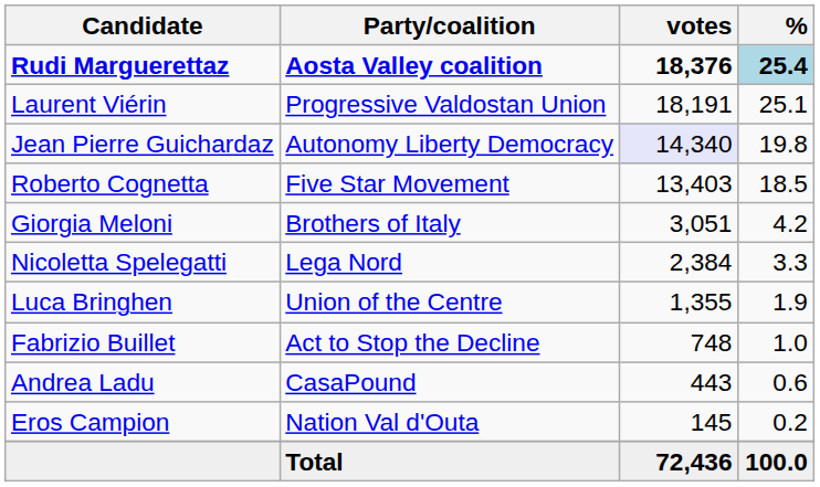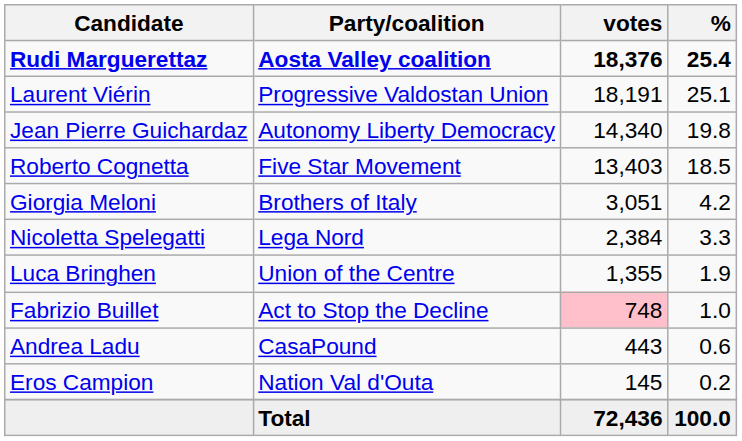 <table class="wikitable" style="font-size:95%">
 <tr bgcolor="EFEFEF">
 <th>Candidate</th>
 <th>Party/coalition</th>
 <th>      votes</th>
 <th>      %</th>
 </tr>
 <tr>
 <td><strong><a href='#'>Rudi Marguerettaz</a></strong></td>
 <td><strong><a href='#'>Aosta Valley coalition</a></strong></td>
 <td align=right><strong>18,376</strong></td>
-<td align=right style="background: lightblue;"><strong>25.4</strong></td>
+<td align=right><strong>25.4</strong></td>
 </tr>
 <tr>
 <td><a href='#'>Laurent Viérin</a></td>
 <td><a href='#'>Progressive Valdostan Union</a></td>
 <td align=right>18,191</td>
 <td align=right>25.1</td>
 </tr>
 <tr>
 <td><a href='#'>Jean Pierre Guichardaz</a></td>
 <td><a href='#'>Autonomy Liberty Democracy</a></td>
-<td align=right style="background: lavender;">14,340</td>
+<td align=right>14,340</td>
 <td align=right>19.8</td>
 </tr>
 <tr>
 <td><a href='#'>Roberto Cognetta</a></td>
 <td><a href='#'>Five Star Movement</a></td>
 <td align=right>13,403</td>
 <td align=right>18.5</td>
 </tr>
 <tr>
 <td><a href='#'>Giorgia Meloni</a></td>
 <td><a href='#'>Brothers of Italy</a></td>
 <td align=right>3,051</td>
 <td align=right>4.2</td>
 </tr>
 <tr>
 <td><a href='#'>Nicoletta Spelegatti</a></td>
 <td><a href='#'>Lega Nord</a></td>
 <td align=right>2,384</td>
 <td align=right>3.3</td>
 </tr>
 <tr>
 <td><a href='#'>Luca Bringhen</a></td>
 <td><a href='#'>Union of the Centre</a></td>
 <td align=right>1,355</td>
 <td align=right>1.9</td>
 </tr>
 <tr>
 <td><a href='#'>Fabrizio Buillet</a></td>
 <td><a href='#'>Act to Stop the Decline</a></td>
-<td align=right>748</td>
+<td align=right style="background: pink;">748</td>
 <td align=right>1.0</td>
 </tr>
 <tr>
 <td><a href='#'>Andrea Ladu</a></td>
 <td><a href='#'>CasaPound</a></td>
 <td align=right>443</td>
 <td align=right>0.6</td>
 </tr>
 <tr>
 <td><a href='#'>Eros Campion</a></td>
 <td><a href='#'>Nation Val d'Outa</a></td>
 <td align=right>145</td>
 <td align=right>0.2</td>
 </tr>
 <tr>
 </tr>
 <tr bgcolor="EFEFEF">
 <td></td>
 <td><strong>Total</strong></td>
 <td align=right><strong>72,436</strong></td>
 <td align=right><strong>100.0</strong></td>
 </tr>
 </table>
